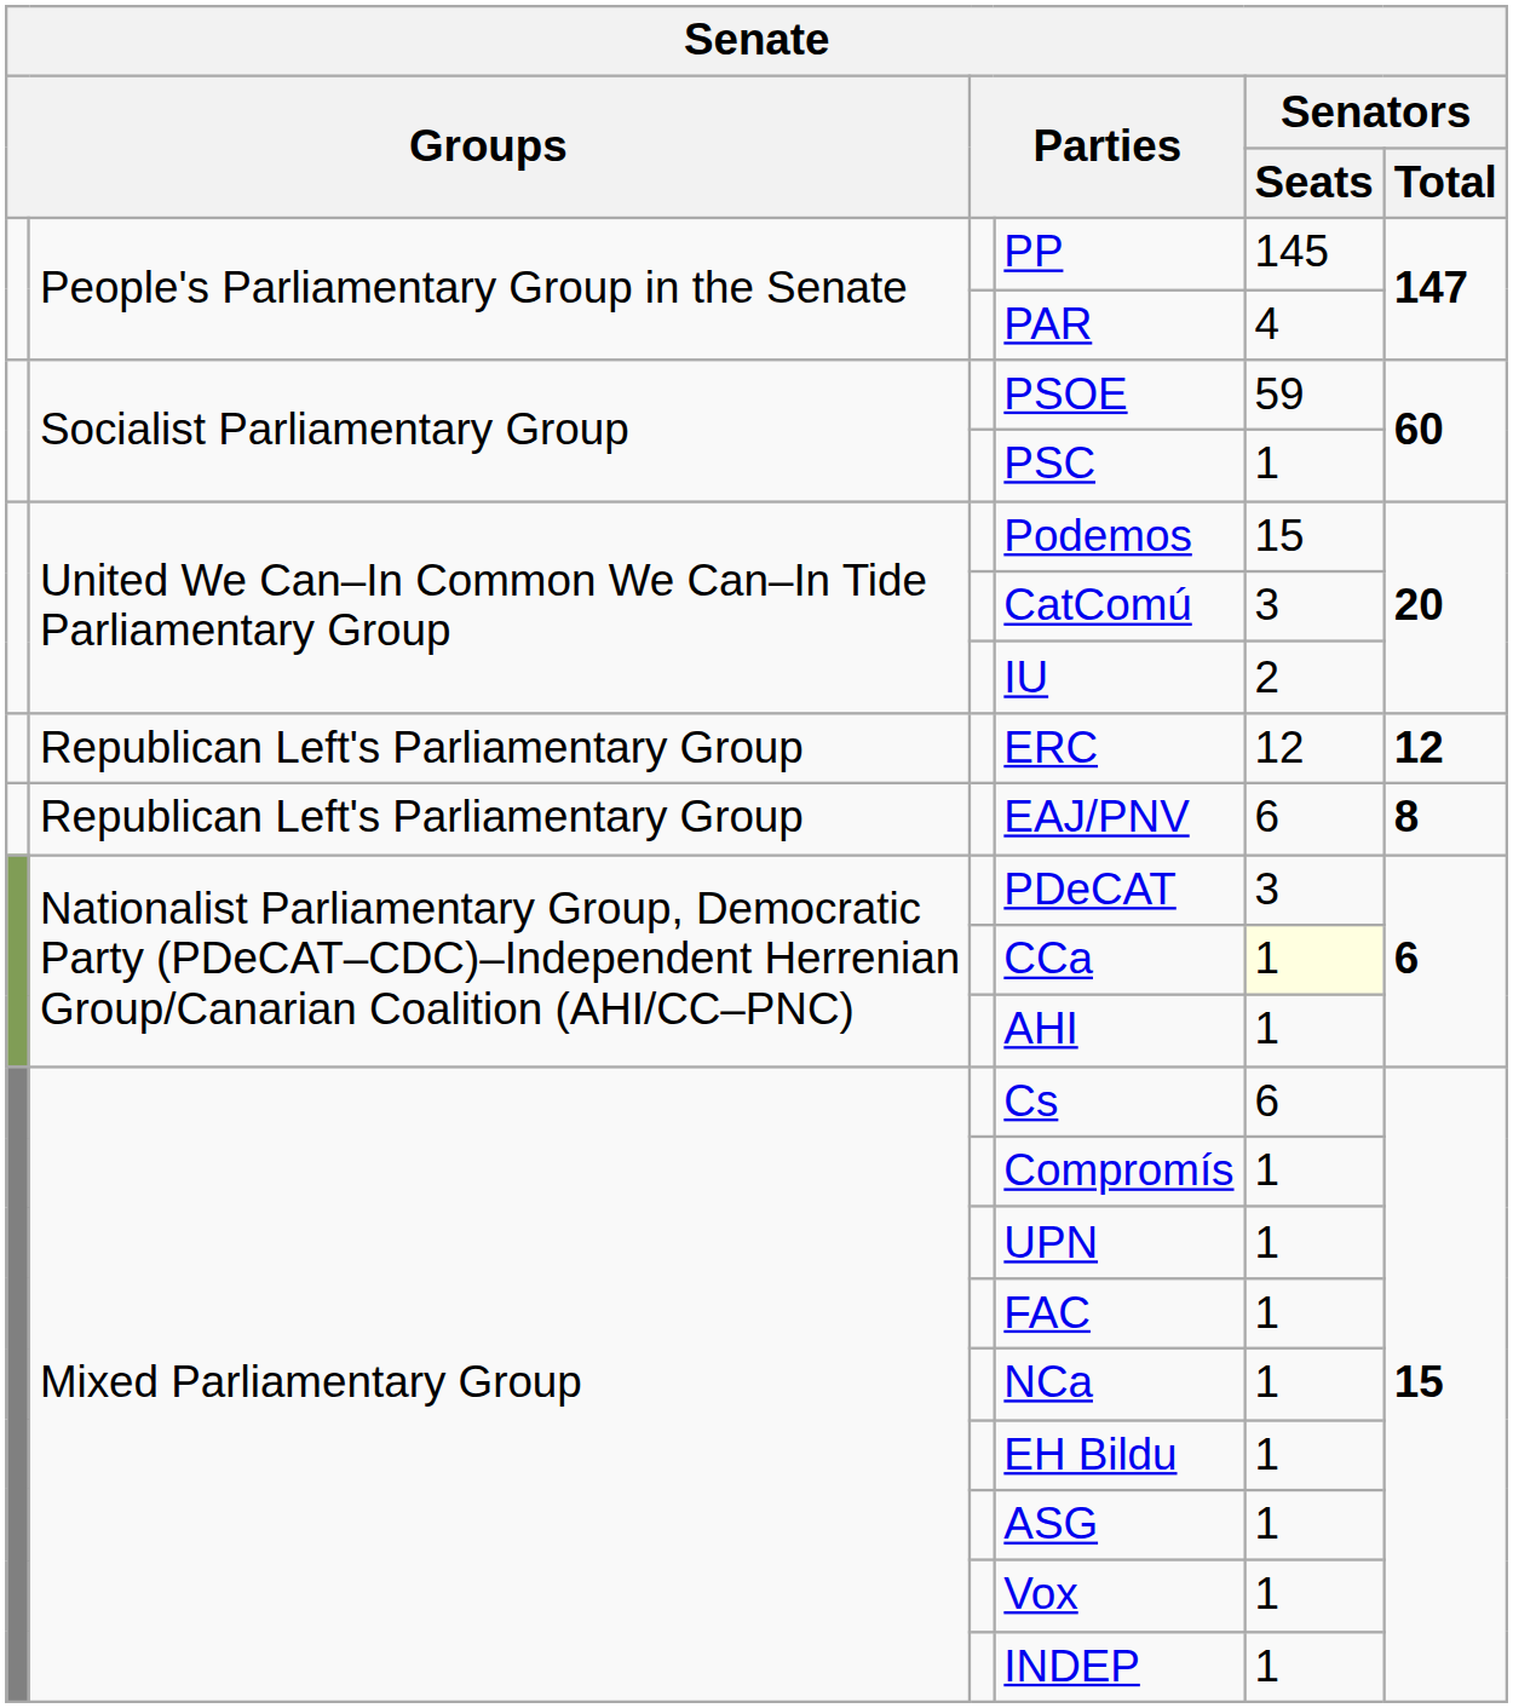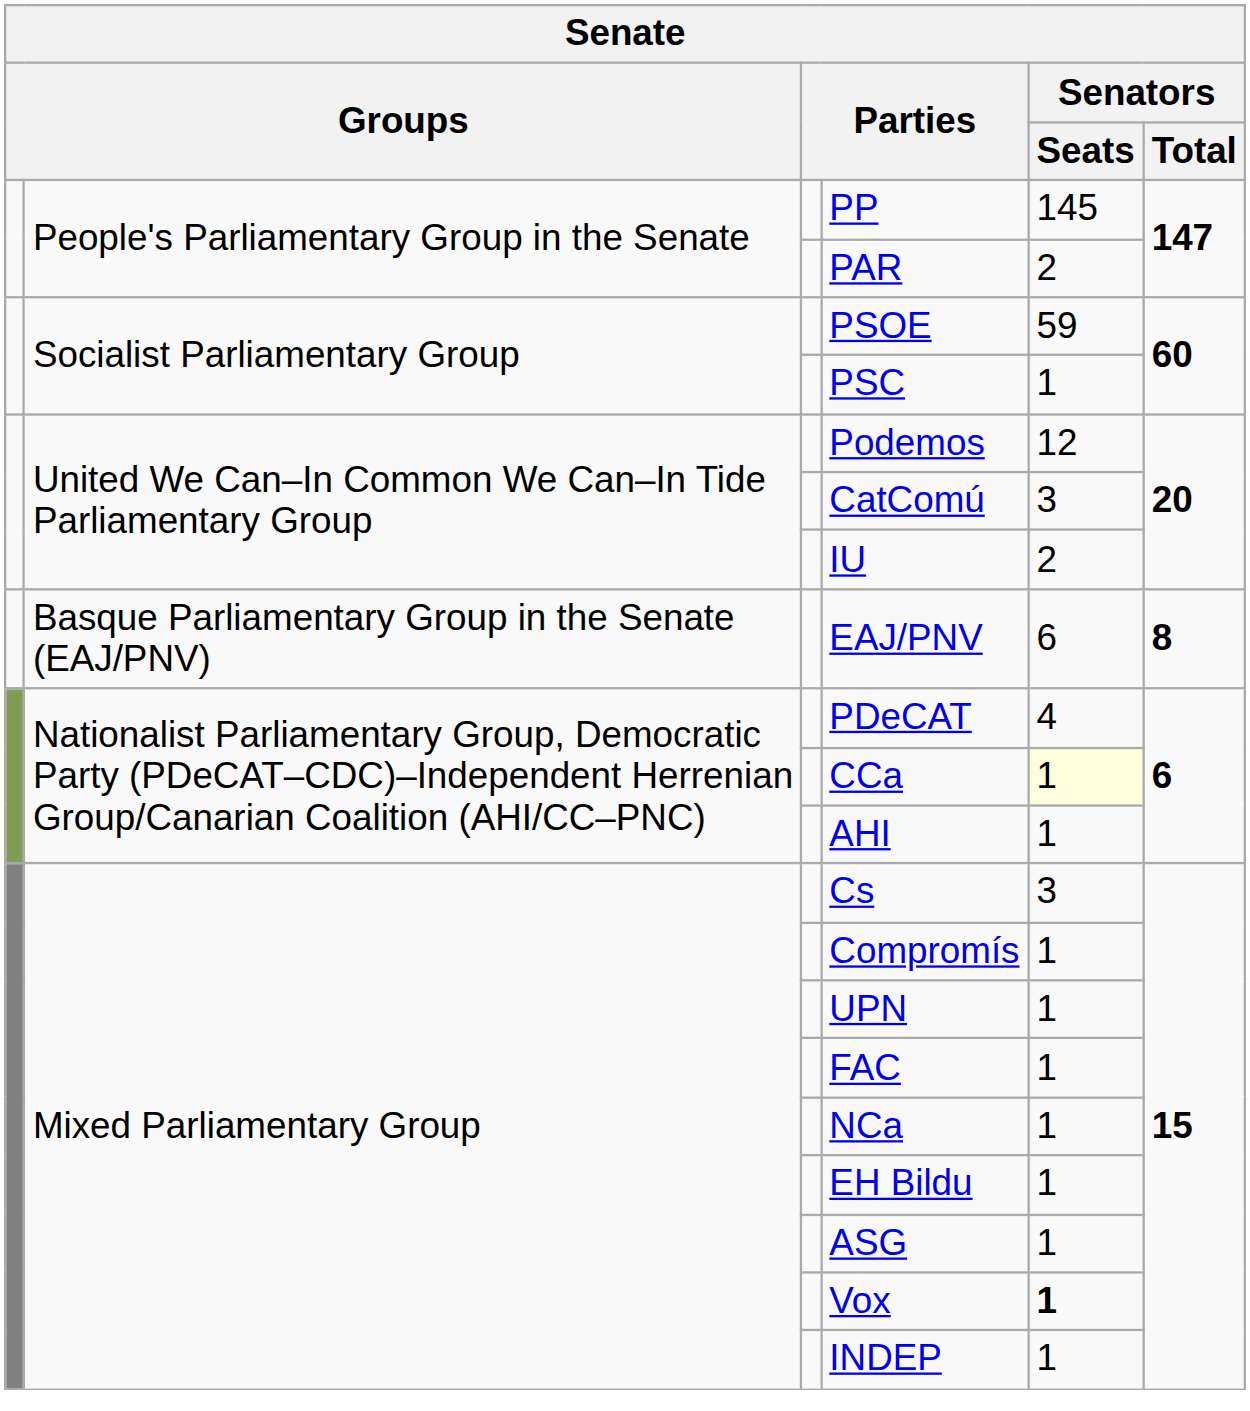 <table class="wikitable" style="text-align:left;">
 <tr>
 <th colspan="6">Senate</th>
 </tr>
 <tr>
 <th rowspan="2" colspan="2">Groups</th>
 <th rowspan="2" colspan="2">Parties</th>
 <th colspan="2">Senators</th>
 </tr>
 <tr>
 <th>Seats</th>
 <th>Total</th>
 </tr>
 <tr>
 <td width="1" rowspan="2"></td>
 <td rowspan="2">People's Parliamentary Group in the Senate</td>
 <td width="1" style="color:inherit;background:"></td>
 <td><a href='#'>PP</a></td>
 <td>145</td>
 <td rowspan="2"><strong>147</strong></td>
 </tr>
 <tr>
 <td style="color:inherit;background:"></td>
 <td><a href='#'>PAR</a></td>
-<td>4</td>
+<td>2</td>
 </tr>
 <tr>
 <td rowspan="2" style="color:inherit;background:"></td>
 <td rowspan="2">Socialist Parliamentary Group</td>
 <td style="color:inherit;background:"></td>
 <td><a href='#'>PSOE</a></td>
 <td>59</td>
 <td rowspan="2"><strong>60</strong></td>
 </tr>
 <tr>
 <td style="color:inherit;background:"></td>
 <td><a href='#'>PSC</a></td>
 <td>1</td>
 </tr>
 <tr>
 <td rowspan="3" style="color:inherit;background:"></td>
 <td rowspan="3">United We Can–In Common We Can–In Tide<br>Parliamentary Group</td>
 <td style="color:inherit;background:"></td>
 <td><a href='#'>Podemos</a></td>
-<td>15</td>
+<td>12</td>
 <td rowspan="3"><strong>20</strong></td>
 </tr>
 <tr>
 <td style="color:inherit;background:"></td>
 <td><a href='#'>CatComú</a></td>
 <td>3</td>
 </tr>
 <tr>
 <td style="color:inherit;background:"></td>
 <td><a href='#'>IU</a></td>
 <td>2</td>
 </tr>
 <tr>
 <td style="color:inherit;background:"></td>
-<td>Republican Left's Parliamentary Group</td>
-<td style="color:inherit;background:"></td>
-<td><a href='#'>ERC</a></td>
-<td>12</td>
-<td><strong>12</strong></td>
-</tr>
-<tr>
-<td style="color:inherit;background:"></td>
-<td>Republican Left's Parliamentary Group</td>
+<td>Basque Parliamentary Group in the Senate<br>(EAJ/PNV)</td>
 <td style="color:inherit;background:"></td>
 <td><a href='#'>EAJ/PNV</a></td>
 <td>6</td>
 <td><strong>8</strong></td>
 </tr>
 <tr>
 <td rowspan="3" bgcolor="#809D56"></td>
 <td rowspan="3">Nationalist Parliamentary Group, Democratic<br>Party (PDeCAT–CDC)–Independent Herrenian<br>Group/Canarian Coalition (AHI/CC–PNC)</td>
 <td style="color:inherit;background:"></td>
 <td><a href='#'>PDeCAT</a></td>
-<td>3</td>
+<td>4</td>
 <td rowspan="3"><strong>6</strong></td>
 </tr>
 <tr>
 <td style="color:inherit;background:"></td>
 <td><a href='#'>CCa</a></td>
 <td style="background: lightyellow;">1</td>
 </tr>
 <tr>
 <td style="color:inherit;background:"></td>
 <td><a href='#'>AHI</a></td>
 <td>1</td>
 </tr>
 <tr>
 <td rowspan="9" bgcolor="gray"></td>
 <td rowspan="9">Mixed Parliamentary Group</td>
 <td style="color:inherit;background:"></td>
 <td><a href='#'>Cs</a></td>
-<td>6</td>
+<td>3</td>
 <td rowspan="9"><strong>15</strong></td>
 </tr>
 <tr>
 <td style="color:inherit;background:"></td>
 <td><a href='#'>Compromís</a></td>
 <td>1</td>
 </tr>
 <tr>
 <td style="color:inherit;background:"></td>
 <td><a href='#'>UPN</a></td>
 <td>1</td>
 </tr>
 <tr>
 <td style="color:inherit;background:"></td>
 <td><a href='#'>FAC</a></td>
 <td>1</td>
 </tr>
 <tr>
 <td style="color:inherit;background:"></td>
 <td><a href='#'>NCa</a></td>
 <td>1</td>
 </tr>
 <tr>
 <td style="color:inherit;background:"></td>
 <td><a href='#'>EH Bildu</a></td>
 <td>1</td>
 </tr>
 <tr>
 <td style="color:inherit;background:"></td>
 <td><a href='#'>ASG</a></td>
 <td>1</td>
 </tr>
 <tr>
 <td style="color:inherit;background:"></td>
 <td><a href='#'>Vox</a></td>
-<td>1</td>
+<td><strong>1</strong></td>
 </tr>
 <tr>
 <td style="color:inherit;background:"></td>
 <td><a href='#'>INDEP</a></td>
 <td>1</td>
 </tr>
 </table>
